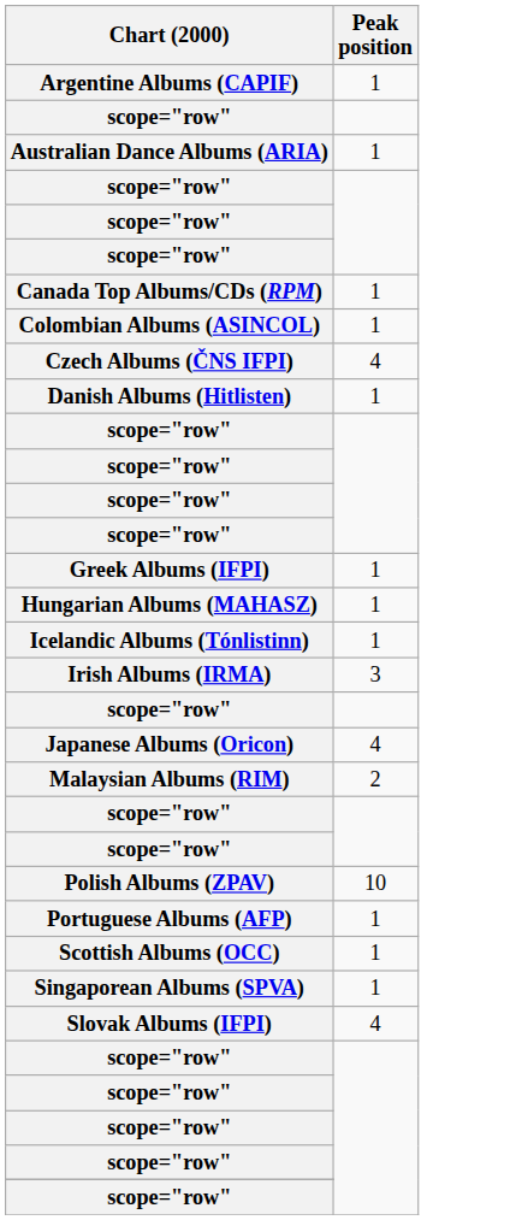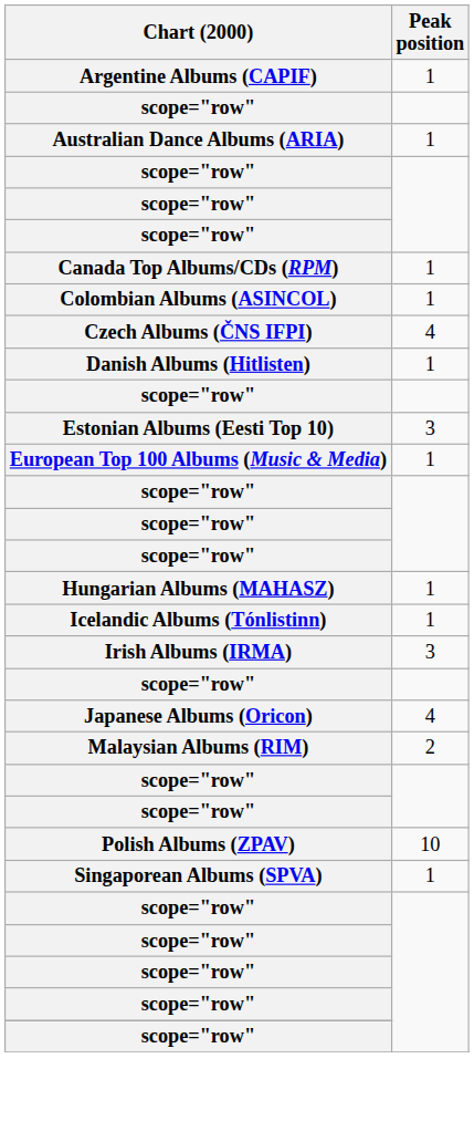 <table class="wikitable sortable plainrowheaders" style="text-align:center;">
 <tr>
 <th scope="col">Chart (2000)</th>
 <th scope="col">Peak<br>position</th>
 </tr>
 <tr>
 <th scope="row">Argentine Albums (<a href='#'>CAPIF</a>)</th>
 <td>1</td>
 </tr>
 <tr>
 <th>scope="row"</th>
 </tr>
 <tr>
 <th scope="row">Australian Dance Albums (<a href='#'>ARIA</a>)</th>
 <td>1</td>
 </tr>
 <tr>
 <th>scope="row"</th>
 </tr>
 <tr>
 <th>scope="row"</th>
 </tr>
 <tr>
 <th>scope="row"</th>
 </tr>
 <tr>
 <th scope="row">Canada Top Albums/CDs (<em><a href='#'>RPM</a></em>)</th>
 <td>1</td>
 </tr>
 <tr>
 <th scope="row">Colombian Albums (<a href='#'>ASINCOL</a>)</th>
 <td align="center">1</td>
 </tr>
 <tr>
 <th scope="row">Czech Albums (<a href='#'>ČNS IFPI</a>)</th>
 <td>4</td>
 </tr>
 <tr>
 <th scope="row">Danish Albums (<a href='#'>Hitlisten</a>)</th>
 <td>1</td>
 </tr>
 <tr>
 <th>scope="row"</th>
 </tr>
 <tr>
-<th>scope="row"</th>
+<th scope="row">Estonian Albums (Eesti Top 10)</th>
+<td>3</td>
+</tr>
+<tr>
+<th scope="row"><a href='#'>European Top 100 Albums</a> (<em><a href='#'>Music & Media</a></em>)</th>
+<td>1</td>
 </tr>
 <tr>
 <th>scope="row"</th>
 </tr>
 <tr>
 <th>scope="row"</th>
 </tr>
 <tr>
-<th scope="row">Greek Albums (<a href='#'>IFPI</a>)</th>
-<td>1</td>
+<th>scope="row"</th>
 </tr>
 <tr>
 <th scope="row">Hungarian Albums (<a href='#'>MAHASZ</a>)</th>
 <td>1</td>
 </tr>
 <tr>
 <th scope="row">Icelandic Albums (<a href='#'>Tónlistinn</a>)</th>
 <td>1</td>
 </tr>
 <tr>
 <th scope="row">Irish Albums (<a href='#'>IRMA</a>)</th>
 <td>3</td>
 </tr>
 <tr>
 <th>scope="row"</th>
 </tr>
 <tr>
 <th scope="row">Japanese Albums (<a href='#'>Oricon</a>)</th>
 <td>4</td>
 </tr>
 <tr>
 <th scope="row">Malaysian Albums (<a href='#'>RIM</a>)</th>
 <td>2</td>
 </tr>
 <tr>
 <th>scope="row"</th>
 </tr>
 <tr>
 <th>scope="row"</th>
 </tr>
 <tr>
 <th scope="row">Polish Albums (<a href='#'>ZPAV</a>)</th>
 <td>10</td>
 </tr>
 <tr>
-<th scope="row">Portuguese Albums (<a href='#'>AFP</a>)</th>
-<td>1</td>
-</tr>
-<tr>
-<th scope="row">Scottish Albums (<a href='#'>OCC</a>)</th>
-<td>1</td>
-</tr>
-<tr>
 <th scope="row">Singaporean Albums (<a href='#'>SPVA</a>)</th>
 <td>1</td>
-</tr>
-<tr>
-<th scope="row">Slovak Albums (<a href='#'>IFPI</a>)</th>
-<td>4</td>
 </tr>
 <tr>
 <th>scope="row"</th>
 </tr>
 <tr>
 <th>scope="row"</th>
 </tr>
 <tr>
 <th>scope="row"</th>
 </tr>
 <tr>
 <th>scope="row"</th>
 </tr>
 <tr>
 </tr>
 <tr>
 <th>scope="row"</th>
 </tr>
 </table>
